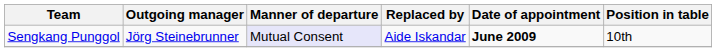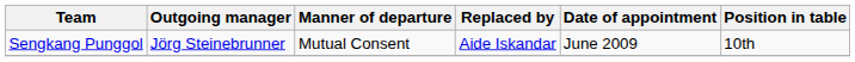 <table class="wikitable">
 <tr>
 <th>Team</th>
 <th>Outgoing manager</th>
 <th>Manner of departure</th>
 <th>Replaced by</th>
 <th>Date of appointment</th>
 <th>Position in table</th>
 </tr>
 <tr>
 <td><a href='#'>Sengkang Punggol</a></td>
 <td> <a href='#'>Jörg Steinebrunner</a></td>
-<td style="background: lavender;">Mutual Consent </td>
+<td>Mutual Consent </td>
 <td><a href='#'>Aide Iskandar</a></td>
-<td><strong>June 2009</strong></td>
+<td>June 2009</td>
 <td>10th</td>
 </tr>
 <tr>
 </tr>
 </table>
